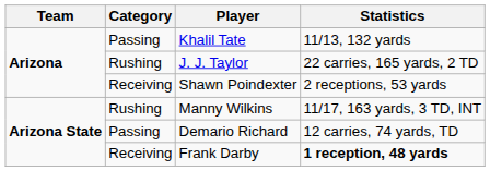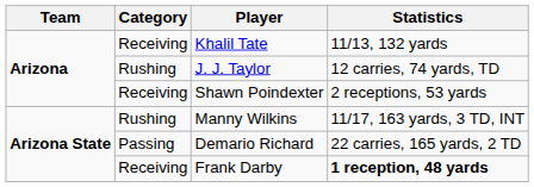 <table class="wikitable" style="float: right;">
 <tr>
 <th>Team</th>
 <th>Category</th>
 <th>Player</th>
 <th>Statistics</th>
 </tr>
 <tr>
 <td rowspan=3><strong>Arizona</strong></td>
-<td>Passing</td>
+<td>Receiving</td>
 <td><a href='#'>Khalil Tate</a></td>
 <td>11/13, 132 yards</td>
 </tr>
 <tr>
 <td>Rushing</td>
 <td><a href='#'>J. J. Taylor</a></td>
-<td>22 carries, 165 yards, 2 TD</td>
+<td>12 carries, 74 yards, TD</td>
 </tr>
 <tr>
 <td>Receiving</td>
 <td>Shawn Poindexter</td>
 <td>2 receptions, 53 yards</td>
 </tr>
 <tr>
 <td rowspan=3><strong>Arizona State</strong></td>
 <td>Rushing</td>
 <td>Manny Wilkins</td>
 <td>11/17, 163 yards, 3 TD, INT</td>
 </tr>
 <tr>
 <td>Passing</td>
 <td>Demario Richard</td>
-<td>12 carries, 74 yards, TD</td>
+<td>22 carries, 165 yards, 2 TD</td>
 </tr>
 <tr>
 <td>Receiving</td>
 <td>Frank Darby</td>
 <td><strong>1 reception, 48 yards</strong></td>
 </tr>
 </table>
